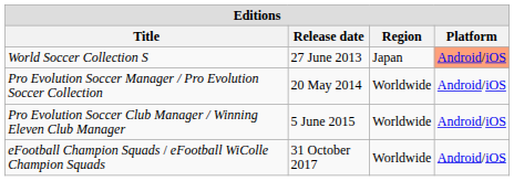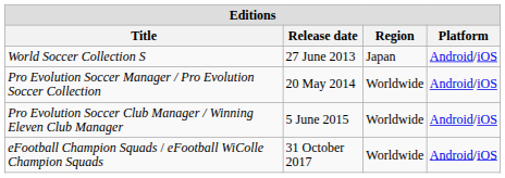 <table class="wikitable">
 <tr>
 <td colspan="5"  style="background:#ddd; text-align:center;"><strong>Editions</strong></td>
 </tr>
 <tr>
 <th>Title</th>
 <th>Release date</th>
 <th>Region</th>
 <th>Platform</th>
 </tr>
 <tr>
 <td><em>World Soccer Collection S</em></td>
 <td>27 June 2013</td>
 <td>Japan</td>
-<td style="background: lightsalmon;"><a href='#'>Android</a>/<a href='#'>iOS</a></td>
+<td><a href='#'>Android</a>/<a href='#'>iOS</a></td>
 </tr>
 <tr>
 <td><em>Pro Evolution Soccer Manager / Pro Evolution Soccer Collection</em></td>
 <td>20 May 2014</td>
 <td>Worldwide</td>
 <td><a href='#'>Android</a>/<a href='#'>iOS</a></td>
 </tr>
 <tr>
 <td><em>Pro Evolution Soccer Club Manager / Winning Eleven Club Manager</em></td>
 <td>5 June 2015</td>
 <td>Worldwide</td>
 <td><a href='#'>Android</a>/<a href='#'>iOS</a></td>
 </tr>
 <tr>
 <td><em>eFootball Champion Squads</em> / <em>eFootball WiColle Champion Squads</em></td>
 <td>31 October 2017</td>
 <td>Worldwide</td>
 <td><a href='#'>Android</a>/<a href='#'>iOS</a></td>
 </tr>
 </table>
